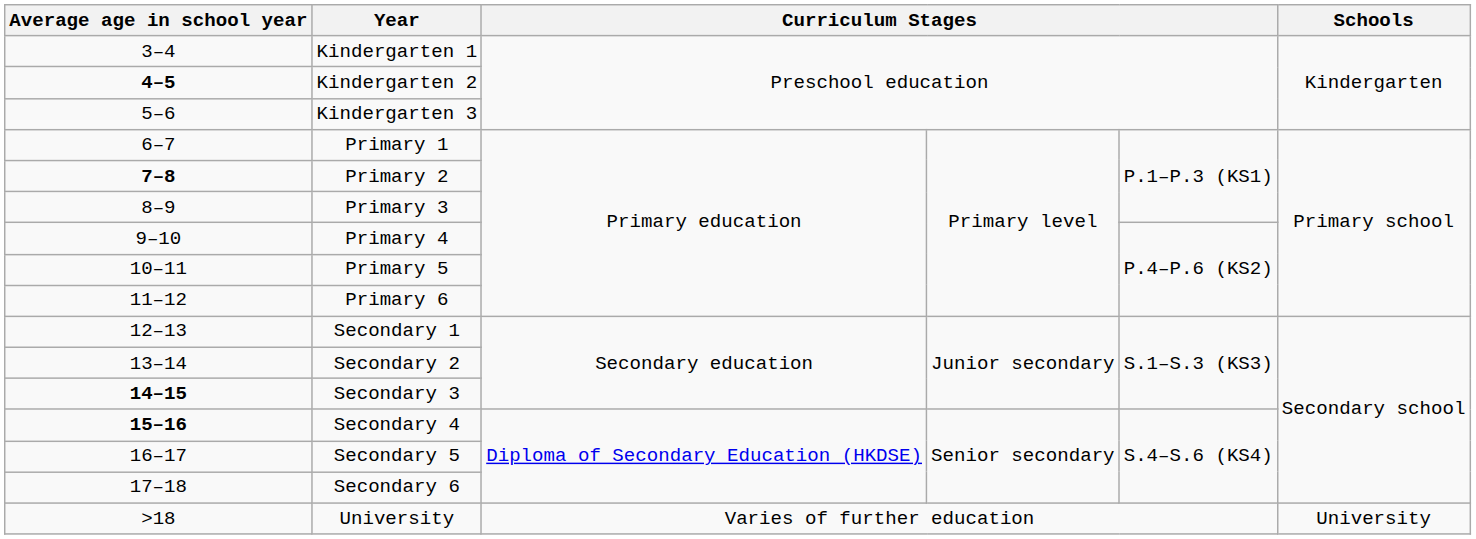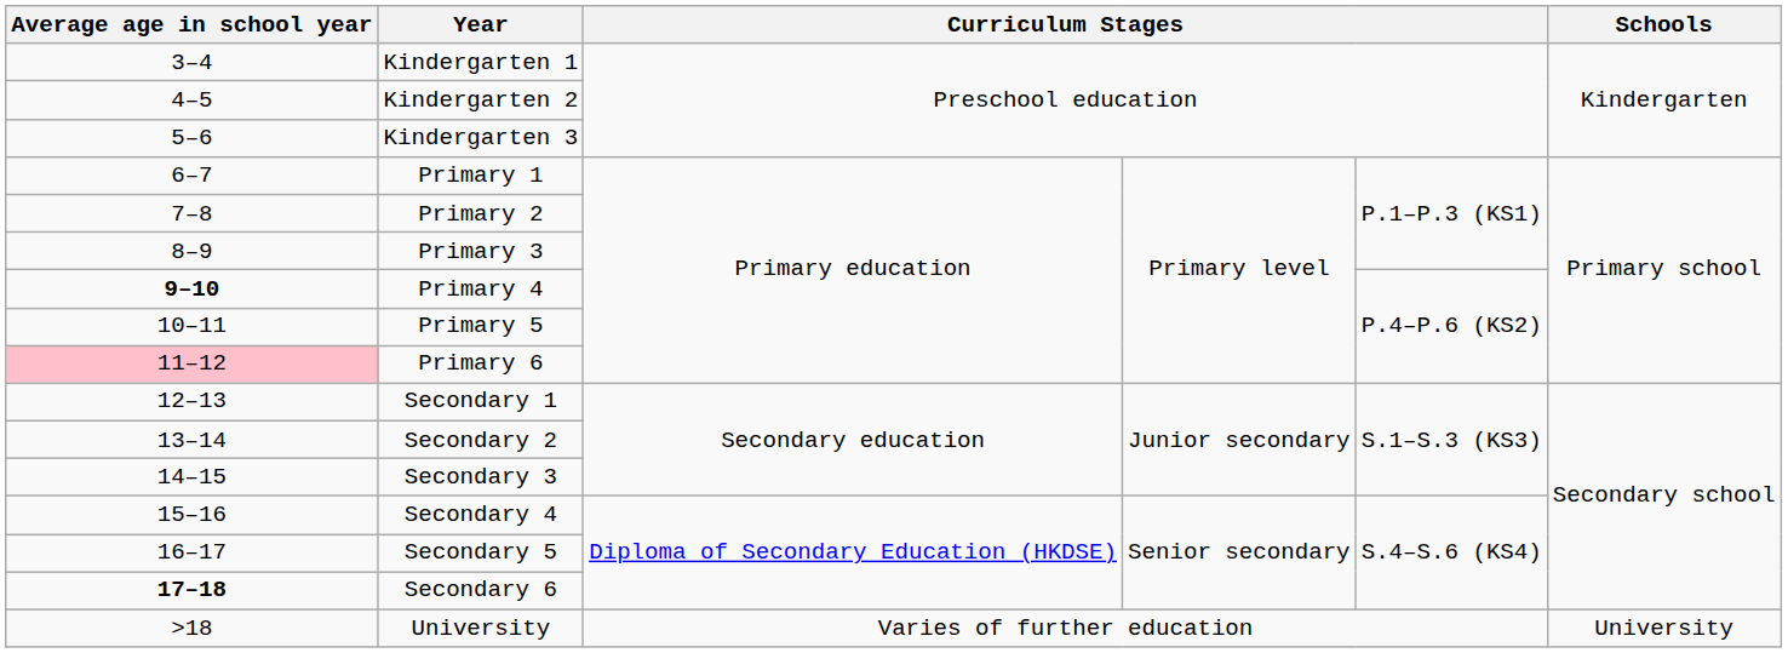 <table class="wikitable" style="text-align:center">
 <tr>
 <th>Average age in school year</th>
 <th>Year</th>
 <th colspan=3>Curriculum Stages</th>
 <th colspan="2">Schools</th>
 </tr>
 <tr>
 <td>3–4</td>
 <td>Kindergarten 1</td>
 <td colspan="3" rowspan="3">Preschool education</td>
 <td rowspan="3">Kindergarten</td>
 </tr>
 <tr>
-<td><strong>4–5</strong></td>
+<td>4–5</td>
 <td>Kindergarten 2</td>
 </tr>
 <tr>
 <td>5–6</td>
 <td>Kindergarten 3</td>
 </tr>
 <tr>
 <td>6–7</td>
 <td>Primary 1</td>
 <td rowspan="6">Primary education</td>
 <td rowspan="6">Primary level</td>
 <td rowspan="3">P.1–P.3 (KS1)</td>
 <td rowspan="6">Primary school</td>
 </tr>
 <tr>
-<td><strong>7–8</strong></td>
+<td>7–8</td>
 <td>Primary 2</td>
 </tr>
 <tr>
 <td>8–9</td>
 <td>Primary 3</td>
 </tr>
 <tr>
-<td>9–10</td>
+<td><strong>9–10</strong></td>
 <td>Primary 4</td>
 <td rowspan="3">P.4–P.6 (KS2)</td>
 </tr>
 <tr>
 <td>10–11</td>
 <td>Primary 5</td>
 </tr>
 <tr>
-<td>11–12</td>
+<td style="background: pink;">11–12</td>
 <td>Primary 6</td>
 </tr>
 <tr>
 <td>12–13</td>
 <td>Secondary 1</td>
 <td rowspan="3">Secondary education</td>
 <td rowspan="3">Junior secondary</td>
 <td rowspan="3">S.1–S.3 (KS3)</td>
 <td rowspan="6">Secondary school</td>
 </tr>
 <tr>
 <td>13–14</td>
 <td>Secondary 2</td>
 </tr>
 <tr>
-<td><strong>14–15</strong></td>
+<td>14–15</td>
 <td>Secondary 3</td>
 </tr>
 <tr>
-<td><strong>15–16</strong></td>
+<td>15–16</td>
 <td>Secondary 4</td>
 <td rowspan="3"><a href='#'>Diploma of Secondary Education (HKDSE)</a></td>
 <td rowspan="3">Senior secondary</td>
 <td rowspan="3">S.4–S.6 (KS4)</td>
 </tr>
 <tr>
 <td>16–17</td>
 <td>Secondary 5</td>
 </tr>
 <tr>
-<td>17–18</td>
+<td><strong>17–18</strong></td>
 <td>Secondary 6</td>
 </tr>
 <tr>
 <td>>18</td>
 <td>University</td>
 <td colspan="3">Varies of further education</td>
 <td>University</td>
 </tr>
 </table>
